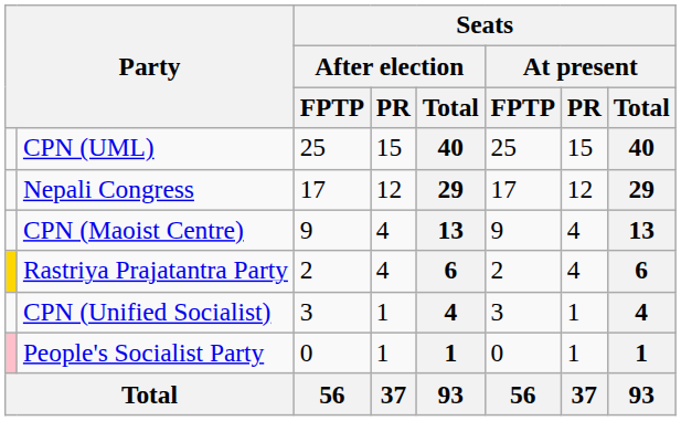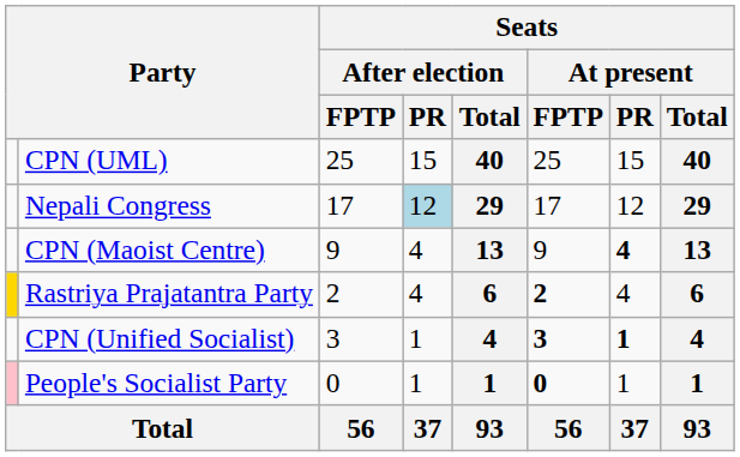 <table class="wikitable">
 <tr>
 <th colspan="2" rowspan="3">Party</th>
 <th colspan="6">Seats</th>
 </tr>
 <tr>
 <th colspan="3">After election</th>
 <th colspan="3">At present</th>
 </tr>
 <tr>
 <th>FPTP</th>
 <th>PR</th>
 <th>Total</th>
 <th>FPTP</th>
 <th>PR</th>
 <th>Total</th>
 </tr>
 <tr>
 <td><br></td>
 <td><a href='#'>CPN (UML)</a></td>
 <td>25</td>
 <td>15</td>
 <th>40</th>
 <td>25</td>
 <td>15</td>
 <th>40</th>
 </tr>
 <tr>
 <td><br></td>
 <td><a href='#'>Nepali Congress</a></td>
 <td>17</td>
-<td>12</td>
+<td style="background: lightblue;">12</td>
 <th>29</th>
 <td>17</td>
 <td>12</td>
 <th>29</th>
 </tr>
 <tr>
 <td><br></td>
 <td><a href='#'>CPN (Maoist Centre)</a></td>
 <td>9</td>
 <td>4</td>
 <th>13</th>
 <td>9</td>
-<td>4</td>
+<td><strong>4</strong></td>
 <th>13</th>
 </tr>
 <tr>
 <td bgcolor="#FFD700"></td>
 <td><a href='#'>Rastriya Prajatantra Party</a></td>
 <td>2</td>
 <td>4</td>
 <th>6</th>
-<td>2</td>
+<td><strong>2</strong></td>
 <td>4</td>
 <th>6</th>
 </tr>
 <tr>
 <td><br></td>
 <td><a href='#'>CPN (Unified Socialist)</a></td>
 <td>3</td>
 <td>1</td>
 <th>4</th>
-<td>3</td>
-<td>1</td>
+<td><strong>3</strong></td>
+<td><strong>1</strong></td>
 <th>4</th>
 </tr>
 <tr>
 <td bgcolor="FFC0CB"></td>
 <td><a href='#'>People's Socialist Party</a></td>
 <td>0</td>
 <td>1</td>
 <th>1</th>
-<td>0</td>
+<td><strong>0</strong></td>
 <td>1</td>
 <th>1</th>
 </tr>
 <tr>
 <th colspan="2"><strong>Total</strong></th>
 <th>56</th>
 <th>37</th>
 <th>93</th>
 <th>56</th>
 <th>37</th>
 <th>93</th>
 </tr>
 </table>
